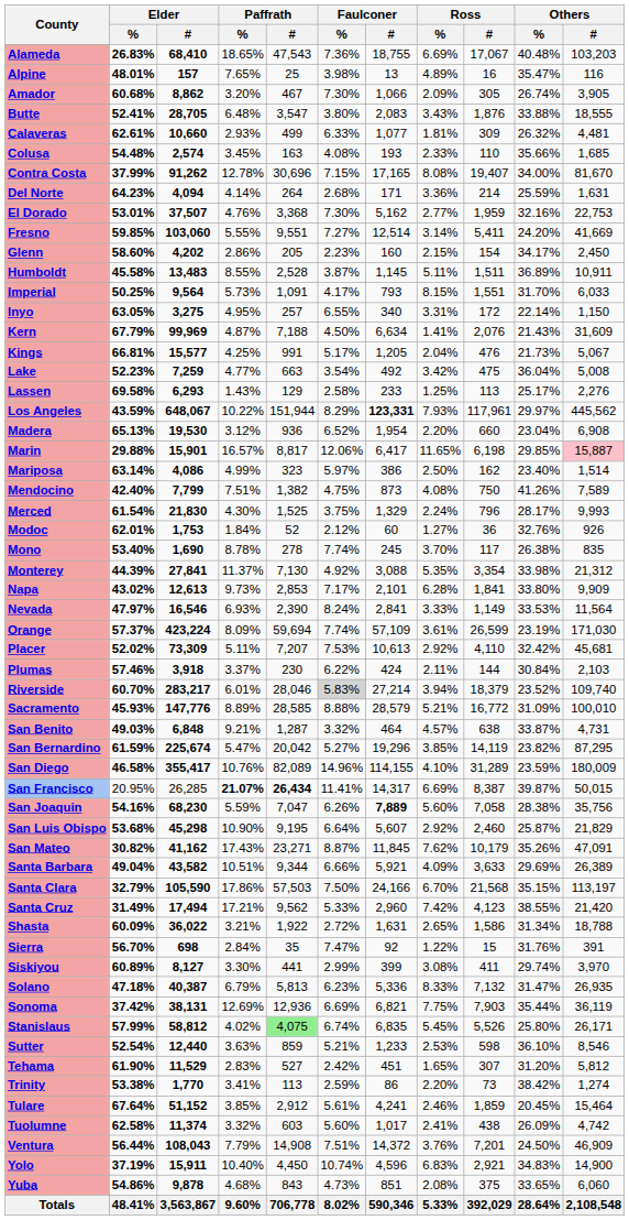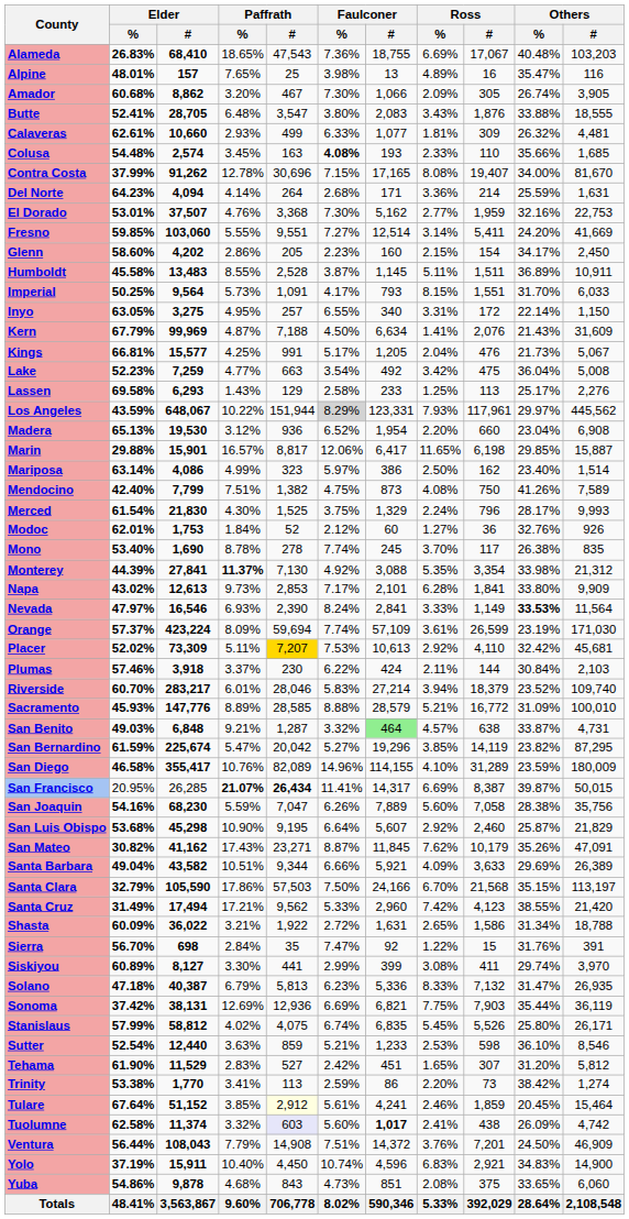 <table class="wikitable sortable">
 <tr>
 <th rowspan="2"  colspan="1">County</th>
 <th colspan="2">Elder</th>
 <th colspan="2">Paffrath</th>
 <th colspan="2">Faulconer</th>
 <th colspan="2">Ross</th>
 <th colspan="2">Others</th>
 </tr>
 <tr>
 <th>%</th>
 <th>#</th>
 <th>%</th>
 <th>#</th>
 <th>%</th>
 <th>#</th>
 <th>%</th>
 <th>#</th>
 <th>%</th>
 <th>#</th>
 </tr>
 <tr>
 <td style="background:#f3a5a5;"><strong><a href='#'>Alameda</a></strong></td>
 <td align=center><strong>26.83%</strong></td>
 <td align=center><strong>68,410</strong></td>
 <td align="center">18.65%</td>
 <td align="center">47,543</td>
 <td align="center">7.36%</td>
 <td align="center">18,755</td>
 <td align="center">6.69%</td>
 <td align="center">17,067</td>
 <td align="center">40.48%</td>
 <td align="center">103,203</td>
 </tr>
 <tr>
 <td style="background:#f3a5a5;"><strong><a href='#'>Alpine</a></strong></td>
 <td align=center><strong>48.01%</strong></td>
 <td align=center><strong>157</strong></td>
 <td align="center">7.65%</td>
 <td align="center">25</td>
 <td align="center">3.98%</td>
 <td align="center">13</td>
 <td align="center">4.89%</td>
 <td align="center">16</td>
 <td align="center">35.47%</td>
 <td align="center">116</td>
 </tr>
 <tr>
 <td style="background:#f3a5a5;"><strong><a href='#'>Amador</a></strong></td>
 <td align=center><strong>60.68%</strong></td>
 <td align=center><strong>8,862</strong></td>
 <td align="center">3.20%</td>
 <td align="center">467</td>
 <td align="center">7.30%</td>
 <td align="center">1,066</td>
 <td align="center">2.09%</td>
 <td align="center">305</td>
 <td align="center">26.74%</td>
 <td align="center">3,905</td>
 </tr>
 <tr>
 <td style="background:#f3a5a5;"><strong><a href='#'>Butte</a></strong></td>
 <td align=center><strong>52.41%</strong></td>
 <td align=center><strong>28,705</strong></td>
 <td align="center">6.48%</td>
 <td align="center">3,547</td>
 <td align="center">3.80%</td>
 <td align="center">2,083</td>
 <td align="center">3.43%</td>
 <td align="center">1,876</td>
 <td align="center">33.88%</td>
 <td align="center">18,555</td>
 </tr>
 <tr>
 <td style="background:#f3a5a5;"><strong><a href='#'>Calaveras</a></strong></td>
 <td align=center><strong>62.61%</strong></td>
 <td align=center><strong>10,660</strong></td>
 <td align="center">2.93%</td>
 <td align="center">499</td>
 <td align="center">6.33%</td>
 <td align="center">1,077</td>
 <td align="center">1.81%</td>
 <td align="center">309</td>
 <td align="center">26.32%</td>
 <td align="center">4,481</td>
 </tr>
 <tr>
 <td style="background:#f3a5a5;"><strong><a href='#'>Colusa</a></strong></td>
 <td align=center><strong>54.48%</strong></td>
 <td align=center><strong>2,574</strong></td>
 <td align="center">3.45%</td>
 <td align="center">163</td>
-<td align="center">4.08%</td>
+<td align="center"><strong>4.08%</strong></td>
 <td align="center">193</td>
 <td align="center">2.33%</td>
 <td align="center">110</td>
 <td align="center">35.66%</td>
 <td align="center">1,685</td>
 </tr>
 <tr>
 <td style="background:#f3a5a5;"><strong><a href='#'>Contra Costa</a></strong></td>
 <td align=center><strong>37.99%</strong></td>
 <td align=center><strong>91,262</strong></td>
 <td align="center">12.78%</td>
 <td align="center">30,696</td>
 <td align="center">7.15%</td>
 <td align="center">17,165</td>
 <td align="center">8.08%</td>
 <td align="center">19,407</td>
 <td align="center">34.00%</td>
 <td align="center">81,670</td>
 </tr>
 <tr>
 <td style="background:#f3a5a5;"><strong><a href='#'>Del Norte</a></strong></td>
 <td align=center><strong>64.23%</strong></td>
 <td align=center><strong>4,094</strong></td>
 <td align="center">4.14%</td>
 <td align="center">264</td>
 <td align="center">2.68%</td>
 <td align="center">171</td>
 <td align="center">3.36%</td>
 <td align="center">214</td>
 <td align="center">25.59%</td>
 <td align="center">1,631</td>
 </tr>
 <tr>
 <td style="background:#f3a5a5;"><strong><a href='#'>El Dorado</a></strong></td>
 <td align=center><strong>53.01%</strong></td>
 <td align=center><strong>37,507</strong></td>
 <td align="center">4.76%</td>
 <td align="center">3,368</td>
 <td align="center">7.30%</td>
 <td align="center">5,162</td>
 <td align="center">2.77%</td>
 <td align="center">1,959</td>
 <td align="center">32.16%</td>
 <td align="center">22,753</td>
 </tr>
 <tr>
 <td style="background:#f3a5a5;"><strong><a href='#'>Fresno</a></strong></td>
 <td align=center><strong>59.85%</strong></td>
 <td align=center><strong>103,060</strong></td>
 <td align="center">5.55%</td>
 <td align="center">9,551</td>
 <td align="center">7.27%</td>
 <td align="center">12,514</td>
 <td align="center">3.14%</td>
 <td align="center">5,411</td>
 <td align="center">24.20%</td>
 <td align="center">41,669</td>
 </tr>
 <tr>
 <td style="background:#f3a5a5;"><strong><a href='#'>Glenn</a></strong></td>
 <td align=center><strong>58.60%</strong></td>
 <td align=center><strong>4,202</strong></td>
 <td align="center">2.86%</td>
 <td align="center">205</td>
 <td align="center">2.23%</td>
 <td align="center">160</td>
 <td align="center">2.15%</td>
 <td align="center">154</td>
 <td align="center">34.17%</td>
 <td align="center">2,450</td>
 </tr>
 <tr>
 <td style="background:#f3a5a5;"><strong><a href='#'>Humboldt</a></strong></td>
 <td align=center><strong>45.58%</strong></td>
 <td align=center><strong>13,483</strong></td>
 <td align="center">8.55%</td>
 <td align="center">2,528</td>
 <td align="center">3.87%</td>
 <td align="center">1,145</td>
 <td align="center">5.11%</td>
 <td align="center">1,511</td>
 <td align="center">36.89%</td>
 <td align="center">10,911</td>
 </tr>
 <tr>
 <td style="background:#f3a5a5;"><strong><a href='#'>Imperial</a></strong></td>
 <td align=center><strong>50.25%</strong></td>
 <td align=center><strong>9,564</strong></td>
 <td align="center">5.73%</td>
 <td align="center">1,091</td>
 <td align="center">4.17%</td>
 <td align="center">793</td>
 <td align="center">8.15%</td>
 <td align="center">1,551</td>
 <td align="center">31.70%</td>
 <td align="center">6,033</td>
 </tr>
 <tr>
 <td style="background:#f3a5a5;"><strong><a href='#'>Inyo</a></strong></td>
 <td align=center><strong>63.05%</strong></td>
 <td align=center><strong>3,275</strong></td>
 <td align="center">4.95%</td>
 <td align="center">257</td>
 <td align="center">6.55%</td>
 <td align="center">340</td>
 <td align="center">3.31%</td>
 <td align="center">172</td>
 <td align="center">22.14%</td>
 <td align="center">1,150</td>
 </tr>
 <tr>
 <td style="background:#f3a5a5;"><strong><a href='#'>Kern</a></strong></td>
 <td align=center><strong>67.79%</strong></td>
 <td align=center><strong>99,969</strong></td>
 <td align="center">4.87%</td>
 <td align="center">7,188</td>
 <td align="center">4.50%</td>
 <td align="center">6,634</td>
 <td align="center">1.41%</td>
 <td align="center">2,076</td>
 <td align="center">21.43%</td>
 <td align="center">31,609</td>
 </tr>
 <tr>
 <td style="background:#f3a5a5;"><strong><a href='#'>Kings</a></strong></td>
 <td align=center><strong>66.81%</strong></td>
 <td align=center><strong>15,577</strong></td>
 <td align="center">4.25%</td>
 <td align="center">991</td>
 <td align="center">5.17%</td>
 <td align="center">1,205</td>
 <td align="center">2.04%</td>
 <td align="center">476</td>
 <td align="center">21.73%</td>
 <td align="center">5,067</td>
 </tr>
 <tr>
 <td style="background:#f3a5a5;"><strong><a href='#'>Lake</a></strong></td>
 <td align=center><strong>52.23%</strong></td>
 <td align=center><strong>7,259</strong></td>
 <td align="center">4.77%</td>
 <td align="center">663</td>
 <td align="center">3.54%</td>
 <td align="center">492</td>
 <td align="center">3.42%</td>
 <td align="center">475</td>
 <td align="center">36.04%</td>
 <td align="center">5,008</td>
 </tr>
 <tr>
 <td style="background:#f3a5a5;"><strong><a href='#'>Lassen</a></strong></td>
 <td align=center><strong>69.58%</strong></td>
 <td align=center><strong>6,293</strong></td>
 <td align="center">1.43%</td>
 <td align="center">129</td>
 <td align="center">2.58%</td>
 <td align="center">233</td>
 <td align="center">1.25%</td>
 <td align="center">113</td>
 <td align="center">25.17%</td>
 <td align="center">2,276</td>
 </tr>
 <tr>
 <td style="background:#f3a5a5;"><strong><a href='#'>Los Angeles</a></strong></td>
 <td align=center><strong>43.59%</strong></td>
 <td align=center><strong>648,067</strong></td>
 <td align="center">10.22%</td>
 <td align="center">151,944</td>
-<td align="center">8.29%</td>
-<td align="center"><strong>123,331</strong></td>
+<td align="center" style="background: lightgrey;">8.29%</td>
+<td align="center">123,331</td>
 <td align="center">7.93%</td>
 <td align="center">117,961</td>
 <td align="center">29.97%</td>
 <td align="center">445,562</td>
 </tr>
 <tr>
 <td style="background:#f3a5a5;"><strong><a href='#'>Madera</a></strong></td>
 <td align=center><strong>65.13%</strong></td>
 <td align=center><strong>19,530</strong></td>
 <td align="center">3.12%</td>
 <td align="center">936</td>
 <td align="center">6.52%</td>
 <td align="center">1,954</td>
 <td align="center">2.20%</td>
 <td align="center">660</td>
 <td align="center">23.04%</td>
 <td align="center">6,908</td>
 </tr>
 <tr>
 <td style="background:#f3a5a5;"><strong><a href='#'>Marin</a></strong></td>
 <td align=center><strong>29.88%</strong></td>
 <td align=center><strong>15,901</strong></td>
 <td align="center">16.57%</td>
 <td align="center">8,817</td>
 <td align="center">12.06%</td>
 <td align="center">6,417</td>
 <td align="center">11.65%</td>
 <td align="center">6,198</td>
 <td align="center">29.85%</td>
-<td align="center" style="background: pink;">15,887</td>
+<td align="center">15,887</td>
 </tr>
 <tr>
 <td style="background:#f3a5a5;"><strong><a href='#'>Mariposa</a></strong></td>
 <td align=center><strong>63.14%</strong></td>
 <td align=center><strong>4,086</strong></td>
 <td align="center">4.99%</td>
 <td align="center">323</td>
 <td align="center">5.97%</td>
 <td align="center">386</td>
 <td align="center">2.50%</td>
 <td align="center">162</td>
 <td align="center">23.40%</td>
 <td align="center">1,514</td>
 </tr>
 <tr>
 <td style="background:#f3a5a5;"><strong><a href='#'>Mendocino</a></strong></td>
 <td align=center><strong>42.40%</strong></td>
 <td align=center><strong>7,799</strong></td>
 <td align="center">7.51%</td>
 <td align="center">1,382</td>
 <td align="center">4.75%</td>
 <td align="center">873</td>
 <td align="center">4.08%</td>
 <td align="center">750</td>
 <td align="center">41.26%</td>
 <td align="center">7,589</td>
 </tr>
 <tr>
 <td style="background:#f3a5a5;"><strong><a href='#'>Merced</a></strong></td>
 <td align=center><strong>61.54%</strong></td>
 <td align=center><strong>21,830</strong></td>
 <td align="center">4.30%</td>
 <td align="center">1,525</td>
 <td align="center">3.75%</td>
 <td align="center">1,329</td>
 <td align="center">2.24%</td>
 <td align="center">796</td>
 <td align="center">28.17%</td>
 <td align="center">9,993</td>
 </tr>
 <tr>
 <td style="background:#f3a5a5;"><strong><a href='#'>Modoc</a></strong></td>
 <td align=center><strong>62.01%</strong></td>
 <td align=center><strong>1,753</strong></td>
 <td align="center">1.84%</td>
 <td align="center">52</td>
 <td align="center">2.12%</td>
 <td align="center">60</td>
 <td align="center">1.27%</td>
 <td align="center">36</td>
 <td align="center">32.76%</td>
 <td align="center">926</td>
 </tr>
 <tr>
 <td style="background:#f3a5a5;"><strong><a href='#'>Mono</a></strong></td>
 <td align=center><strong>53.40%</strong></td>
 <td align=center><strong>1,690</strong></td>
 <td align="center">8.78%</td>
 <td align="center">278</td>
 <td align="center">7.74%</td>
 <td align="center">245</td>
 <td align="center">3.70%</td>
 <td align="center">117</td>
 <td align="center">26.38%</td>
 <td align="center">835</td>
 </tr>
 <tr>
 <td style="background:#f3a5a5;"><strong><a href='#'>Monterey</a></strong></td>
 <td align=center><strong>44.39%</strong></td>
 <td align=center><strong>27,841</strong></td>
-<td align="center">11.37%</td>
+<td align="center"><strong>11.37%</strong></td>
 <td align="center">7,130</td>
 <td align="center">4.92%</td>
 <td align="center">3,088</td>
 <td align="center">5.35%</td>
 <td align="center">3,354</td>
 <td align="center">33.98%</td>
 <td align="center">21,312</td>
 </tr>
 <tr>
 <td style="background:#f3a5a5;"><strong><a href='#'>Napa</a></strong></td>
 <td align=center><strong>43.02%</strong></td>
 <td align=center><strong>12,613</strong></td>
 <td align="center">9.73%</td>
 <td align="center">2,853</td>
 <td align="center">7.17%</td>
 <td align="center">2,101</td>
 <td align="center">6.28%</td>
 <td align="center">1,841</td>
 <td align="center">33.80%</td>
 <td align="center">9,909</td>
 </tr>
 <tr>
 <td style="background:#f3a5a5;"><strong><a href='#'>Nevada</a></strong></td>
 <td align=center><strong>47.97%</strong></td>
 <td align=center><strong>16,546</strong></td>
 <td align="center">6.93%</td>
 <td align="center">2,390</td>
 <td align="center">8.24%</td>
 <td align="center">2,841</td>
 <td align="center">3.33%</td>
 <td align="center">1,149</td>
-<td align="center">33.53%</td>
+<td align="center"><strong>33.53%</strong></td>
 <td align="center">11,564</td>
 </tr>
 <tr>
 <td style="background:#f3a5a5;"><strong><a href='#'>Orange</a></strong></td>
 <td align=center><strong>57.37%</strong></td>
 <td align=center><strong>423,224</strong></td>
 <td align="center">8.09%</td>
 <td align="center">59,694</td>
 <td align="center">7.74%</td>
 <td align="center">57,109</td>
 <td align="center">3.61%</td>
 <td align="center">26,599</td>
 <td align="center">23.19%</td>
 <td align="center">171,030</td>
 </tr>
 <tr>
 <td style="background:#f3a5a5;"><strong><a href='#'>Placer</a></strong></td>
 <td align=center><strong>52.02%</strong></td>
 <td align=center><strong>73,309</strong></td>
 <td align="center">5.11%</td>
-<td align="center">7,207</td>
+<td align="center" style="background: gold;">7,207</td>
 <td align="center">7.53%</td>
 <td align="center">10,613</td>
 <td align="center">2.92%</td>
 <td align="center">4,110</td>
 <td align="center">32.42%</td>
 <td align="center">45,681</td>
 </tr>
 <tr>
 <td style="background:#f3a5a5;"><strong><a href='#'>Plumas</a></strong></td>
 <td align=center><strong>57.46%</strong></td>
 <td align=center><strong>3,918</strong></td>
 <td align="center">3.37%</td>
 <td align="center">230</td>
 <td align="center">6.22%</td>
 <td align="center">424</td>
 <td align="center">2.11%</td>
 <td align="center">144</td>
 <td align="center">30.84%</td>
 <td align="center">2,103</td>
 </tr>
 <tr>
 <td style="background:#f3a5a5;"><strong><a href='#'>Riverside</a></strong></td>
 <td align=center><strong>60.70%</strong></td>
 <td align=center><strong>283,217</strong></td>
 <td align="center">6.01%</td>
 <td align="center">28,046</td>
-<td align="center" style="background: lightgrey;">5.83%</td>
+<td align="center">5.83%</td>
 <td align="center">27,214</td>
 <td align="center">3.94%</td>
 <td align="center">18,379</td>
 <td align="center">23.52%</td>
 <td align="center">109,740</td>
 </tr>
 <tr>
 <td style="background:#f3a5a5;"><strong><a href='#'>Sacramento</a></strong></td>
 <td align=center><strong>45.93%</strong></td>
 <td align=center><strong>147,776</strong></td>
 <td align="center">8.89%</td>
 <td align="center">28,585</td>
 <td align="center">8.88%</td>
 <td align="center">28,579</td>
 <td align="center">5.21%</td>
 <td align="center">16,772</td>
 <td align="center">31.09%</td>
 <td align="center">100,010</td>
 </tr>
 <tr>
 <td style="background:#f3a5a5;"><strong><a href='#'>San Benito</a></strong></td>
 <td align=center><strong>49.03%</strong></td>
 <td align=center><strong>6,848</strong></td>
 <td align="center">9.21%</td>
 <td align="center">1,287</td>
 <td align="center">3.32%</td>
-<td align="center">464</td>
+<td align="center" style="background: lightgreen;">464</td>
 <td align="center">4.57%</td>
 <td align="center">638</td>
 <td align="center">33.87%</td>
 <td align="center">4,731</td>
 </tr>
 <tr>
 <td style="background:#f3a5a5;"><strong><a href='#'>San Bernardino</a></strong></td>
 <td align=center><strong>61.59%</strong></td>
 <td align=center><strong>225,674</strong></td>
 <td align="center">5.47%</td>
 <td align="center">20,042</td>
 <td align="center">5.27%</td>
 <td align="center">19,296</td>
 <td align="center">3.85%</td>
 <td align="center">14,119</td>
 <td align="center">23.82%</td>
 <td align="center">87,295</td>
 </tr>
 <tr>
 <td style="background:#f3a5a5;"><strong><a href='#'>San Diego</a></strong></td>
 <td align=center><strong>46.58%</strong></td>
 <td align=center><strong>355,417</strong></td>
 <td align="center">10.76%</td>
 <td align="center">82,089</td>
 <td align="center">14.96%</td>
 <td align="center">114,155</td>
 <td align="center">4.10%</td>
 <td align="center">31,289</td>
 <td align="center">23.59%</td>
 <td align="center">180,009</td>
 </tr>
 <tr>
 <td style="background:#a5c4f3;"><strong><a href='#'>San Francisco</a></strong></td>
 <td align=center>20.95%</td>
 <td align="center">26,285</td>
 <td align="center"><strong>21.07%</strong></td>
 <td align=center><strong>26,434</strong></td>
 <td align="center">11.41%</td>
 <td align="center">14,317</td>
 <td align="center">6.69%</td>
 <td align="center">8,387</td>
 <td align="center">39.87%</td>
 <td align="center">50,015</td>
 </tr>
 <tr>
 <td style="background:#f3a5a5;"><strong><a href='#'>San Joaquin</a></strong></td>
 <td align=center><strong>54.16%</strong></td>
 <td align=center><strong>68,230</strong></td>
 <td align="center">5.59%</td>
 <td align="center">7,047</td>
 <td align="center">6.26%</td>
-<td align="center"><strong>7,889</strong></td>
+<td align="center">7,889</td>
 <td align="center">5.60%</td>
 <td align="center">7,058</td>
 <td align="center">28.38%</td>
 <td align="center">35,756</td>
 </tr>
 <tr>
 <td style="background:#f3a5a5;"><strong><a href='#'>San Luis Obispo</a></strong></td>
 <td align=center><strong>53.68%</strong></td>
 <td align=center><strong>45,298</strong></td>
 <td align="center">10.90%</td>
 <td align="center">9,195</td>
 <td align="center">6.64%</td>
 <td align="center">5,607</td>
 <td align="center">2.92%</td>
 <td align="center">2,460</td>
 <td align="center">25.87%</td>
 <td align="center">21,829</td>
 </tr>
 <tr>
 <td style="background:#f3a5a5;"><strong><a href='#'>San Mateo</a></strong></td>
 <td align=center><strong>30.82%</strong></td>
 <td align=center><strong>41,162</strong></td>
 <td align="center">17.43%</td>
 <td align="center">23,271</td>
 <td align="center">8.87%</td>
 <td align="center">11,845</td>
 <td align="center">7.62%</td>
 <td align="center">10,179</td>
 <td align="center">35.26%</td>
 <td align="center">47,091</td>
 </tr>
 <tr>
 <td style="background:#f3a5a5;"><strong><a href='#'>Santa Barbara</a></strong></td>
 <td align=center><strong>49.04%</strong></td>
 <td align=center><strong>43,582</strong></td>
 <td align="center">10.51%</td>
 <td align="center">9,344</td>
 <td align="center">6.66%</td>
 <td align="center">5,921</td>
 <td align="center">4.09%</td>
 <td align="center">3,633</td>
 <td align="center">29.69%</td>
 <td align="center">26,389</td>
 </tr>
 <tr>
 <td style="background:#f3a5a5;"><strong><a href='#'>Santa Clara</a></strong></td>
 <td align=center><strong>32.79%</strong></td>
 <td align=center><strong>105,590</strong></td>
 <td align="center">17.86%</td>
 <td align="center">57,503</td>
 <td align="center">7.50%</td>
 <td align="center">24,166</td>
 <td align="center">6.70%</td>
 <td align="center">21,568</td>
 <td align="center">35.15%</td>
 <td align="center">113,197</td>
 </tr>
 <tr>
 <td style="background:#f3a5a5;"><strong><a href='#'>Santa Cruz</a></strong></td>
 <td align=center><strong>31.49%</strong></td>
 <td align=center><strong>17,494</strong></td>
 <td align="center">17.21%</td>
 <td align="center">9,562</td>
 <td align="center">5.33%</td>
 <td align="center">2,960</td>
 <td align="center">7.42%</td>
 <td align="center">4,123</td>
 <td align="center">38.55%</td>
 <td align="center">21,420</td>
 </tr>
 <tr>
 <td style="background:#f3a5a5;"><strong><a href='#'>Shasta</a></strong></td>
 <td align=center><strong>60.09%</strong></td>
 <td align=center><strong>36,022</strong></td>
 <td align="center">3.21%</td>
 <td align="center">1,922</td>
 <td align="center">2.72%</td>
 <td align="center">1,631</td>
 <td align="center">2.65%</td>
 <td align="center">1,586</td>
 <td align="center">31.34%</td>
 <td align="center">18,788</td>
 </tr>
 <tr>
 <td style="background:#f3a5a5;"><strong><a href='#'>Sierra</a></strong></td>
 <td align=center><strong>56.70%</strong></td>
 <td align=center><strong>698</strong></td>
 <td align="center">2.84%</td>
 <td align="center">35</td>
 <td align="center">7.47%</td>
 <td align="center">92</td>
 <td align="center">1.22%</td>
 <td align="center">15</td>
 <td align="center">31.76%</td>
 <td align="center">391</td>
 </tr>
 <tr>
 <td style="background:#f3a5a5;"><strong><a href='#'>Siskiyou</a></strong></td>
 <td align=center><strong>60.89%</strong></td>
 <td align=center><strong>8,127</strong></td>
 <td align="center">3.30%</td>
 <td align="center">441</td>
 <td align="center">2.99%</td>
 <td align="center">399</td>
 <td align="center">3.08%</td>
 <td align="center">411</td>
 <td align="center">29.74%</td>
 <td align="center">3,970</td>
 </tr>
 <tr>
 <td style="background:#f3a5a5;"><strong><a href='#'>Solano</a></strong></td>
 <td align=center><strong>47.18%</strong></td>
 <td align=center><strong>40,387</strong></td>
 <td align="center">6.79%</td>
 <td align="center">5,813</td>
 <td align="center">6.23%</td>
 <td align="center">5,336</td>
 <td align="center">8.33%</td>
 <td align="center">7,132</td>
 <td align="center">31.47%</td>
 <td align="center">26,935</td>
 </tr>
 <tr>
 <td style="background:#f3a5a5;"><strong><a href='#'>Sonoma</a></strong></td>
 <td align=center><strong>37.42%</strong></td>
 <td align=center><strong>38,131</strong></td>
 <td align="center">12.69%</td>
 <td align="center">12,936</td>
 <td align="center">6.69%</td>
 <td align="center">6,821</td>
 <td align="center">7.75%</td>
 <td align="center">7,903</td>
 <td align="center">35.44%</td>
 <td align="center">36,119</td>
 </tr>
 <tr>
 <td style="background:#f3a5a5;"><strong><a href='#'>Stanislaus</a></strong></td>
 <td align=center><strong>57.99%</strong></td>
 <td align=center><strong>58,812</strong></td>
 <td align="center">4.02%</td>
-<td align="center" style="background: lightgreen;">4,075</td>
+<td align="center">4,075</td>
 <td align="center">6.74%</td>
 <td align="center">6,835</td>
 <td align="center">5.45%</td>
 <td align="center">5,526</td>
 <td align="center">25.80%</td>
 <td align="center">26,171</td>
 </tr>
 <tr>
 <td style="background:#f3a5a5;"><strong><a href='#'>Sutter</a></strong></td>
 <td align=center><strong>52.54%</strong></td>
 <td align=center><strong>12,440</strong></td>
 <td align="center">3.63%</td>
 <td align="center">859</td>
 <td align="center">5.21%</td>
 <td align="center">1,233</td>
 <td align="center">2.53%</td>
 <td align="center">598</td>
 <td align="center">36.10%</td>
 <td align="center">8,546</td>
 </tr>
 <tr>
 <td style="background:#f3a5a5;"><strong><a href='#'>Tehama</a></strong></td>
 <td align=center><strong>61.90%</strong></td>
 <td align=center><strong>11,529</strong></td>
 <td align="center">2.83%</td>
 <td align="center">527</td>
 <td align="center">2.42%</td>
 <td align="center">451</td>
 <td align="center">1.65%</td>
 <td align="center">307</td>
 <td align="center">31.20%</td>
 <td align="center">5,812</td>
 </tr>
 <tr>
 <td style="background:#f3a5a5;"><strong><a href='#'>Trinity</a></strong></td>
 <td align=center><strong>53.38%</strong></td>
 <td align=center><strong>1,770</strong></td>
 <td align="center">3.41%</td>
 <td align="center">113</td>
 <td align="center">2.59%</td>
 <td align="center">86</td>
 <td align="center">2.20%</td>
 <td align="center">73</td>
 <td align="center">38.42%</td>
 <td align="center">1,274</td>
 </tr>
 <tr>
 <td style="background:#f3a5a5;"><strong><a href='#'>Tulare</a></strong></td>
 <td align=center><strong>67.64%</strong></td>
 <td align=center><strong>51,152</strong></td>
 <td align="center">3.85%</td>
-<td align="center">2,912</td>
+<td align="center" style="background: lightyellow;">2,912</td>
 <td align="center">5.61%</td>
 <td align="center">4,241</td>
 <td align="center">2.46%</td>
 <td align="center">1,859</td>
 <td align="center">20.45%</td>
 <td align="center">15,464</td>
 </tr>
 <tr>
 <td style="background:#f3a5a5;"><strong><a href='#'>Tuolumne</a></strong></td>
 <td align=center><strong>62.58%</strong></td>
 <td align=center><strong>11,374</strong></td>
 <td align="center">3.32%</td>
-<td align="center">603</td>
+<td align="center" style="background: lavender;">603</td>
 <td align="center">5.60%</td>
-<td align="center">1,017</td>
+<td align="center"><strong>1,017</strong></td>
 <td align="center">2.41%</td>
 <td align="center">438</td>
 <td align="center">26.09%</td>
 <td align="center">4,742</td>
 </tr>
 <tr>
 <td style="background:#f3a5a5;"><strong><a href='#'>Ventura</a></strong></td>
 <td align=center><strong>56.44%</strong></td>
 <td align=center><strong>108,043</strong></td>
 <td align="center">7.79%</td>
 <td align="center">14,908</td>
 <td align="center">7.51%</td>
 <td align="center">14,372</td>
 <td align="center">3.76%</td>
 <td align="center">7,201</td>
 <td align="center">24.50%</td>
 <td align="center">46,909</td>
 </tr>
 <tr>
 <td style="background:#f3a5a5;"><strong><a href='#'>Yolo</a></strong></td>
 <td align=center><strong>37.19%</strong></td>
 <td align=center><strong>15,911</strong></td>
 <td align="center">10.40%</td>
 <td align="center">4,450</td>
 <td align="center">10.74%</td>
 <td align="center">4,596</td>
 <td align="center">6.83%</td>
 <td align="center">2,921</td>
 <td align="center">34.83%</td>
 <td align="center">14,900</td>
 </tr>
 <tr>
 <td style="background:#f3a5a5;"><strong><a href='#'>Yuba</a></strong></td>
 <td align=center><strong>54.86%</strong></td>
 <td align=center><strong>9,878</strong></td>
 <td align="center">4.68%</td>
 <td align="center">843</td>
 <td align="center">4.73%</td>
 <td align="center">851</td>
 <td align="center">2.08%</td>
 <td align="center">375</td>
 <td align="center">33.65%</td>
 <td align="center">6,060</td>
 </tr>
 <tr>
 <th>Totals</th>
 <th>48.41%</th>
 <th><strong>3,563,867</strong></th>
 <th>9.60%</th>
 <th><strong>706,778</strong></th>
 <th>8.02%</th>
 <th><strong>590,346</strong></th>
 <th>5.33%</th>
 <th><strong>392,029</strong></th>
 <th>28.64%</th>
 <th><strong>2,108,548</strong></th>
 </tr>
 </table>
